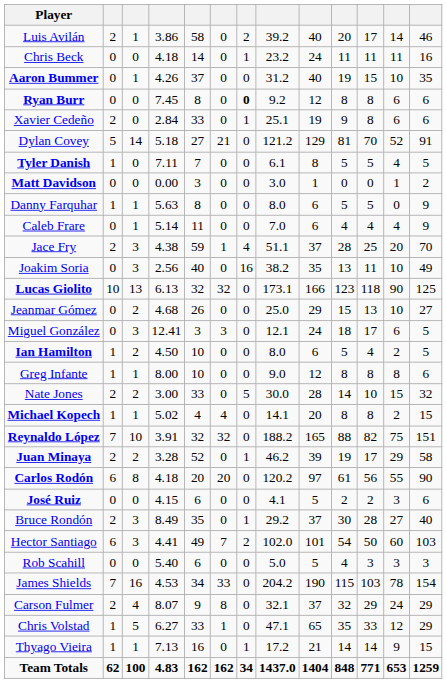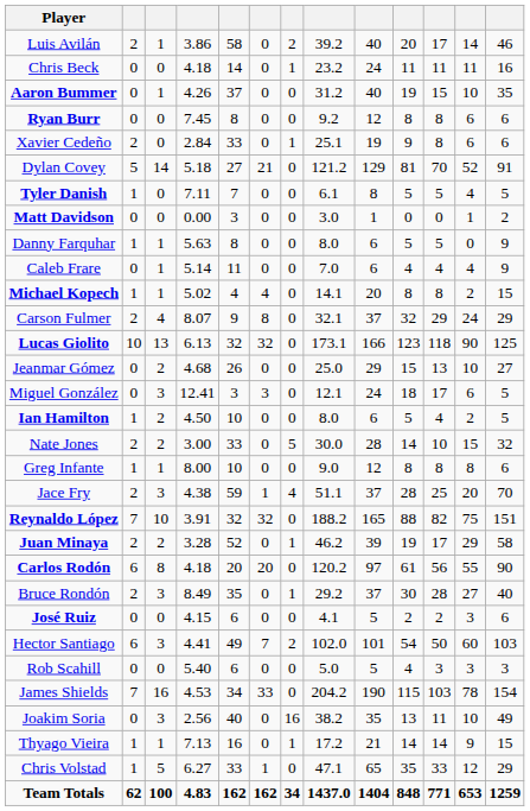 <table class="wikitable sortable" style="text-align:center;">
 <tr>
 <th>Player</th>
 <th></th>
 <th></th>
 <th></th>
 <th></th>
 <th></th>
 <th></th>
 <th></th>
 <th></th>
 <th></th>
 <th></th>
 <th></th>
 <th></th>
 </tr>
 <tr>
 <td><a href='#'>Luis Avilán</a></td>
 <td>2</td>
 <td>1</td>
 <td>3.86</td>
 <td>58</td>
 <td>0</td>
 <td>2</td>
 <td>39.2</td>
 <td>40</td>
 <td>20</td>
 <td>17</td>
 <td>14</td>
 <td>46</td>
 </tr>
 <tr>
 <td><a href='#'>Chris Beck</a></td>
 <td>0</td>
 <td>0</td>
 <td>4.18</td>
 <td>14</td>
 <td>0</td>
 <td>1</td>
 <td>23.2</td>
 <td>24</td>
 <td>11</td>
 <td>11</td>
 <td>11</td>
 <td>16</td>
 </tr>
 <tr>
 <td><strong><a href='#'>Aaron Bummer</a></strong></td>
 <td>0</td>
 <td>1</td>
 <td>4.26</td>
 <td>37</td>
 <td>0</td>
 <td>0</td>
 <td>31.2</td>
 <td>40</td>
 <td>19</td>
 <td>15</td>
 <td>10</td>
 <td>35</td>
 </tr>
 <tr>
 <td><strong><a href='#'>Ryan Burr</a></strong></td>
 <td>0</td>
 <td>0</td>
 <td>7.45</td>
 <td>8</td>
 <td>0</td>
-<td><strong>0</strong></td>
+<td>0</td>
 <td>9.2</td>
 <td>12</td>
 <td>8</td>
 <td>8</td>
 <td>6</td>
 <td>6</td>
 </tr>
 <tr>
 <td><a href='#'>Xavier Cedeño</a></td>
 <td>2</td>
 <td>0</td>
 <td>2.84</td>
 <td>33</td>
 <td>0</td>
 <td>1</td>
 <td>25.1</td>
 <td>19</td>
 <td>9</td>
 <td>8</td>
 <td>6</td>
 <td>6</td>
 </tr>
 <tr>
 <td><a href='#'>Dylan Covey</a></td>
 <td>5</td>
 <td>14</td>
 <td>5.18</td>
 <td>27</td>
 <td>21</td>
 <td>0</td>
 <td>121.2</td>
 <td>129</td>
 <td>81</td>
 <td>70</td>
 <td>52</td>
 <td>91</td>
 </tr>
 <tr>
 <td><strong><a href='#'>Tyler Danish</a></strong></td>
 <td>1</td>
 <td>0</td>
 <td>7.11</td>
 <td>7</td>
 <td>0</td>
 <td>0</td>
 <td>6.1</td>
 <td>8</td>
 <td>5</td>
 <td>5</td>
 <td>4</td>
 <td>5</td>
 </tr>
 <tr>
 <td><strong><a href='#'>Matt Davidson</a></strong></td>
 <td>0</td>
 <td>0</td>
 <td>0.00</td>
 <td>3</td>
 <td>0</td>
 <td>0</td>
 <td>3.0</td>
 <td>1</td>
 <td>0</td>
 <td>0</td>
 <td>1</td>
 <td>2</td>
 </tr>
 <tr>
 <td><a href='#'>Danny Farquhar</a></td>
 <td>1</td>
 <td>1</td>
 <td>5.63</td>
 <td>8</td>
 <td>0</td>
 <td>0</td>
 <td>8.0</td>
 <td>6</td>
 <td>5</td>
 <td>5</td>
 <td>0</td>
 <td>9</td>
 </tr>
 <tr>
 <td><a href='#'>Caleb Frare</a></td>
 <td>0</td>
 <td>1</td>
 <td>5.14</td>
 <td>11</td>
 <td>0</td>
 <td>0</td>
 <td>7.0</td>
 <td>6</td>
 <td>4</td>
 <td>4</td>
 <td>4</td>
 <td>9</td>
 </tr>
 <tr>
-<td><a href='#'>Jace Fry</a></td>
+<td><strong><a href='#'>Michael Kopech</a></strong></td>
+<td>1</td>
+<td>1</td>
+<td>5.02</td>
+<td>4</td>
+<td>4</td>
+<td>0</td>
+<td>14.1</td>
+<td>20</td>
+<td>8</td>
+<td>8</td>
 <td>2</td>
-<td>3</td>
-<td>4.38</td>
-<td>59</td>
-<td>1</td>
-<td>4</td>
-<td>51.1</td>
-<td>37</td>
-<td>28</td>
-<td>25</td>
-<td>20</td>
-<td>70</td>
+<td>15</td>
 </tr>
 <tr>
-<td><a href='#'>Joakim Soria</a></td>
+<td><a href='#'>Carson Fulmer</a></td>
+<td>2</td>
+<td>4</td>
+<td>8.07</td>
+<td>9</td>
+<td>8</td>
 <td>0</td>
-<td>3</td>
-<td>2.56</td>
-<td>40</td>
-<td>0</td>
-<td>16</td>
-<td>38.2</td>
-<td>35</td>
-<td>13</td>
-<td>11</td>
-<td>10</td>
-<td>49</td>
+<td>32.1</td>
+<td>37</td>
+<td>32</td>
+<td>29</td>
+<td>24</td>
+<td>29</td>
 </tr>
 <tr>
 <td><strong><a href='#'>Lucas Giolito</a></strong></td>
 <td>10</td>
 <td>13</td>
 <td>6.13</td>
 <td>32</td>
 <td>32</td>
 <td>0</td>
 <td>173.1</td>
 <td>166</td>
 <td>123</td>
 <td>118</td>
 <td>90</td>
 <td>125</td>
 </tr>
 <tr>
 <td><a href='#'>Jeanmar Gómez</a></td>
 <td>0</td>
 <td>2</td>
 <td>4.68</td>
 <td>26</td>
 <td>0</td>
 <td>0</td>
 <td>25.0</td>
 <td>29</td>
 <td>15</td>
 <td>13</td>
 <td>10</td>
 <td>27</td>
 </tr>
 <tr>
 <td><a href='#'>Miguel González</a></td>
 <td>0</td>
 <td>3</td>
 <td>12.41</td>
 <td>3</td>
 <td>3</td>
 <td>0</td>
 <td>12.1</td>
 <td>24</td>
 <td>18</td>
 <td>17</td>
 <td>6</td>
 <td>5</td>
 </tr>
 <tr>
 <td><strong><a href='#'>Ian Hamilton</a></strong></td>
 <td>1</td>
 <td>2</td>
 <td>4.50</td>
 <td>10</td>
 <td>0</td>
 <td>0</td>
 <td>8.0</td>
 <td>6</td>
 <td>5</td>
 <td>4</td>
 <td>2</td>
 <td>5</td>
 </tr>
 <tr>
+<td><a href='#'>Nate Jones</a></td>
+<td>2</td>
+<td>2</td>
+<td>3.00</td>
+<td>33</td>
+<td>0</td>
+<td>5</td>
+<td>30.0</td>
+<td>28</td>
+<td>14</td>
+<td>10</td>
+<td>15</td>
+<td>32</td>
+</tr>
+<tr>
 <td><a href='#'>Greg Infante</a></td>
 <td>1</td>
 <td>1</td>
 <td>8.00</td>
 <td>10</td>
 <td>0</td>
 <td>0</td>
 <td>9.0</td>
 <td>12</td>
 <td>8</td>
 <td>8</td>
 <td>8</td>
 <td>6</td>
 </tr>
 <tr>
-<td><a href='#'>Nate Jones</a></td>
+<td><a href='#'>Jace Fry</a></td>
 <td>2</td>
-<td>2</td>
-<td>3.00</td>
-<td>33</td>
-<td>0</td>
-<td>5</td>
-<td>30.0</td>
+<td>3</td>
+<td>4.38</td>
+<td>59</td>
+<td>1</td>
+<td>4</td>
+<td>51.1</td>
+<td>37</td>
 <td>28</td>
-<td>14</td>
-<td>10</td>
-<td>15</td>
-<td>32</td>
-</tr>
-<tr>
-<td><strong><a href='#'>Michael Kopech</a></strong></td>
-<td>1</td>
-<td>1</td>
-<td>5.02</td>
-<td>4</td>
-<td>4</td>
-<td>0</td>
-<td>14.1</td>
+<td>25</td>
 <td>20</td>
-<td>8</td>
-<td>8</td>
-<td>2</td>
-<td>15</td>
+<td>70</td>
 </tr>
 <tr>
 <td><strong><a href='#'>Reynaldo López</a></strong></td>
 <td>7</td>
 <td>10</td>
 <td>3.91</td>
 <td>32</td>
 <td>32</td>
 <td>0</td>
 <td>188.2</td>
 <td>165</td>
 <td>88</td>
 <td>82</td>
 <td>75</td>
 <td>151</td>
 </tr>
 <tr>
 <td><strong><a href='#'>Juan Minaya</a></strong></td>
 <td>2</td>
 <td>2</td>
 <td>3.28</td>
 <td>52</td>
 <td>0</td>
 <td>1</td>
 <td>46.2</td>
 <td>39</td>
 <td>19</td>
 <td>17</td>
 <td>29</td>
 <td>58</td>
 </tr>
 <tr>
 <td><strong><a href='#'>Carlos Rodón</a></strong></td>
 <td>6</td>
 <td>8</td>
 <td>4.18</td>
 <td>20</td>
 <td>20</td>
 <td>0</td>
 <td>120.2</td>
 <td>97</td>
 <td>61</td>
 <td>56</td>
 <td>55</td>
 <td>90</td>
 </tr>
 <tr>
+<td><a href='#'>Bruce Rondón</a></td>
+<td>2</td>
+<td>3</td>
+<td>8.49</td>
+<td>35</td>
+<td>0</td>
+<td>1</td>
+<td>29.2</td>
+<td>37</td>
+<td>30</td>
+<td>28</td>
+<td>27</td>
+<td>40</td>
+</tr>
+<tr>
 <td><strong><a href='#'>José Ruiz</a></strong></td>
 <td>0</td>
 <td>0</td>
 <td>4.15</td>
 <td>6</td>
 <td>0</td>
 <td>0</td>
 <td>4.1</td>
 <td>5</td>
 <td>2</td>
 <td>2</td>
 <td>3</td>
 <td>6</td>
-</tr>
-<tr>
-<td><a href='#'>Bruce Rondón</a></td>
-<td>2</td>
-<td>3</td>
-<td>8.49</td>
-<td>35</td>
-<td>0</td>
-<td>1</td>
-<td>29.2</td>
-<td>37</td>
-<td>30</td>
-<td>28</td>
-<td>27</td>
-<td>40</td>
 </tr>
 <tr>
 <td><a href='#'>Hector Santiago</a></td>
 <td>6</td>
 <td>3</td>
 <td>4.41</td>
 <td>49</td>
 <td>7</td>
 <td>2</td>
 <td>102.0</td>
 <td>101</td>
 <td>54</td>
 <td>50</td>
 <td>60</td>
 <td>103</td>
 </tr>
 <tr>
 <td><a href='#'>Rob Scahill</a></td>
 <td>0</td>
 <td>0</td>
 <td>5.40</td>
 <td>6</td>
 <td>0</td>
 <td>0</td>
 <td>5.0</td>
 <td>5</td>
 <td>4</td>
 <td>3</td>
 <td>3</td>
 <td>3</td>
 </tr>
 <tr>
 <td><a href='#'>James Shields</a></td>
 <td>7</td>
 <td>16</td>
 <td>4.53</td>
 <td>34</td>
 <td>33</td>
 <td>0</td>
 <td>204.2</td>
 <td>190</td>
 <td>115</td>
 <td>103</td>
 <td>78</td>
 <td>154</td>
 </tr>
 <tr>
-<td><a href='#'>Carson Fulmer</a></td>
-<td>2</td>
-<td>4</td>
-<td>8.07</td>
+<td><a href='#'>Joakim Soria</a></td>
+<td>0</td>
+<td>3</td>
+<td>2.56</td>
+<td>40</td>
+<td>0</td>
+<td>16</td>
+<td>38.2</td>
+<td>35</td>
+<td>13</td>
+<td>11</td>
+<td>10</td>
+<td>49</td>
+</tr>
+<tr>
+<td><a href='#'>Thyago Vieira</a></td>
+<td>1</td>
+<td>1</td>
+<td>7.13</td>
+<td>16</td>
+<td>0</td>
+<td>1</td>
+<td>17.2</td>
+<td>21</td>
+<td>14</td>
+<td>14</td>
 <td>9</td>
-<td>8</td>
-<td>0</td>
-<td>32.1</td>
-<td>37</td>
-<td>32</td>
-<td>29</td>
-<td>24</td>
-<td>29</td>
+<td>15</td>
 </tr>
 <tr>
 <td><a href='#'>Chris Volstad</a></td>
 <td>1</td>
 <td>5</td>
 <td>6.27</td>
 <td>33</td>
 <td>1</td>
 <td>0</td>
 <td>47.1</td>
 <td>65</td>
 <td>35</td>
 <td>33</td>
 <td>12</td>
 <td>29</td>
-</tr>
-<tr>
-<td><a href='#'>Thyago Vieira</a></td>
-<td>1</td>
-<td>1</td>
-<td>7.13</td>
-<td>16</td>
-<td>0</td>
-<td>1</td>
-<td>17.2</td>
-<td>21</td>
-<td>14</td>
-<td>14</td>
-<td>9</td>
-<td>15</td>
 </tr>
 <tr class="sortbottom">
 <td><strong>Team Totals</strong></td>
 <td><strong>62</strong></td>
 <td><strong>100</strong></td>
 <td><strong>4.83</strong></td>
 <td><strong>162</strong></td>
 <td><strong>162</strong></td>
 <td><strong>34</strong></td>
 <td><strong>1437.0</strong></td>
 <td><strong>1404</strong></td>
 <td><strong>848</strong></td>
 <td><strong>771</strong></td>
 <td><strong>653</strong></td>
 <td><strong>1259</strong></td>
 </tr>
 </table>
